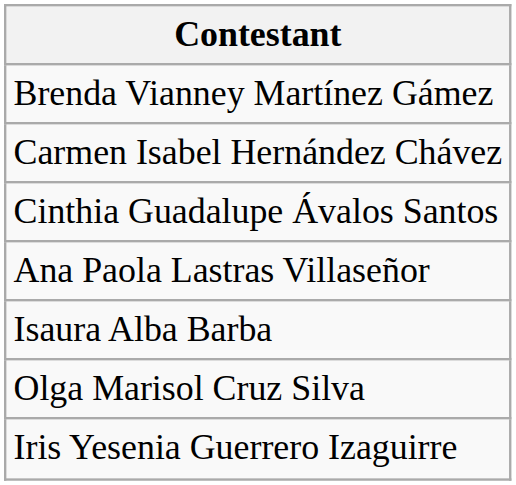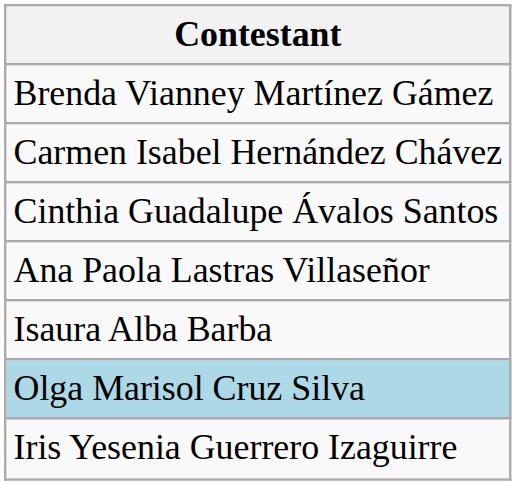 <table class="wikitable sortable" style="font-size: 95%;">
 <tr>
 <th>Contestant</th>
 </tr>
 <tr>
 <td>Brenda Vianney Martínez Gámez</td>
 </tr>
 <tr>
 <td>Carmen Isabel Hernández Chávez</td>
 </tr>
 <tr>
 <td>Cinthia Guadalupe Ávalos Santos</td>
 </tr>
 <tr>
 <td>Ana Paola Lastras Villaseñor</td>
 </tr>
 <tr>
 <td>Isaura Alba Barba</td>
 </tr>
 <tr>
-<td>Olga Marisol Cruz Silva</td>
+<td style="background: lightblue;">Olga Marisol Cruz Silva</td>
 </tr>
 <tr>
 <td>Iris Yesenia Guerrero Izaguirre</td>
 </tr>
 </table>
